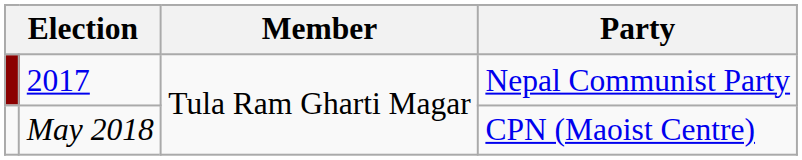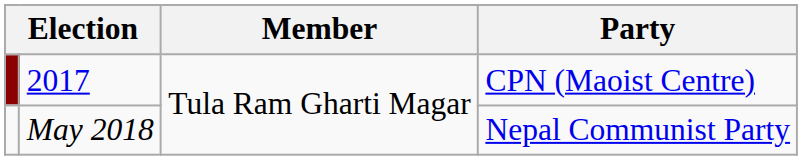 <table class="wikitable">
 <tr>
 <th colspan="2">Election</th>
 <th>Member</th>
 <th>Party</th>
 </tr>
 <tr>
 <td style="background-color:darkred"></td>
 <td><a href='#'>2017</a></td>
 <td rowspan="2">Tula Ram Gharti Magar</td>
-<td><a href='#'>Nepal Communist Party</a></td>
+<td><a href='#'>CPN (Maoist Centre)</a></td>
 </tr>
 <tr>
 <td style="background-color:"></td>
 <td><em>May 2018</em></td>
-<td><a href='#'>CPN (Maoist Centre)</a></td>
+<td><a href='#'>Nepal Communist Party</a></td>
 </tr>
 </table>
